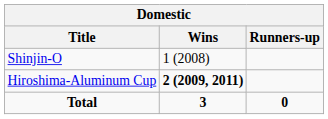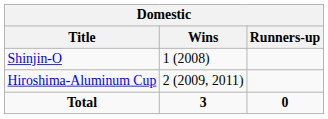 <table class="wikitable">
 <tr>
 <th colspan=3>Domestic</th>
 </tr>
 <tr>
 <th>Title</th>
 <th>Wins</th>
 <th>Runners-up</th>
 </tr>
 <tr>
 <td><a href='#'>Shinjin-O</a></td>
 <td>1 (2008)</td>
 <td></td>
 </tr>
 <tr>
 <td><a href='#'>Hiroshima-Aluminum Cup</a></td>
-<td><strong>2 (2009, 2011)</strong></td>
+<td>2 (2009, 2011)</td>
 <td></td>
 </tr>
 <tr align="center">
 <td><strong>Total</strong></td>
 <td><strong>3</strong></td>
 <td><strong>0</strong></td>
 </tr>
 </table>
